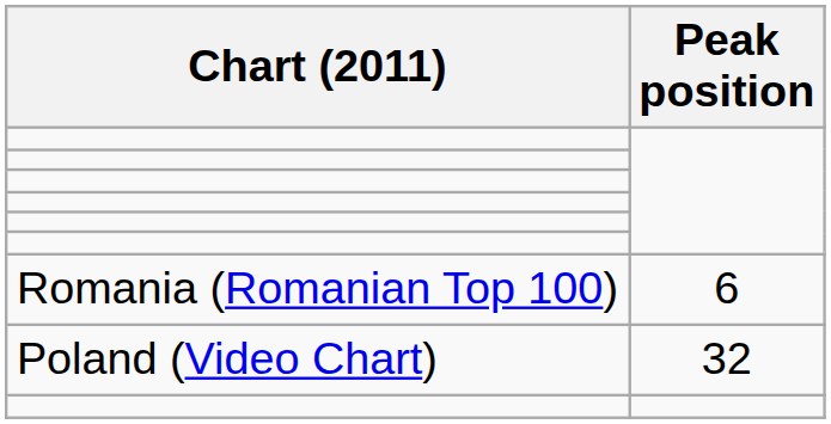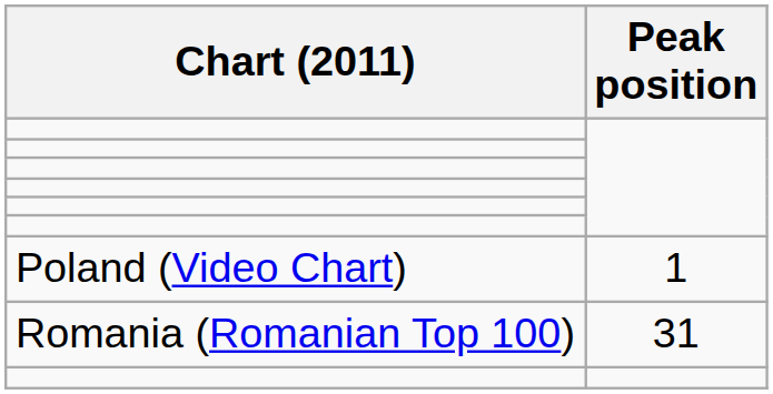 <table class="wikitable sortable">
 <tr>
 <th>Chart (2011)</th>
 <th>Peak<br>position</th>
 </tr>
 <tr>
 <td></td>
 </tr>
 <tr>
 <td></td>
 </tr>
 <tr>
 <td></td>
 </tr>
 <tr>
 <td></td>
 </tr>
 <tr>
 <td></td>
 </tr>
 <tr>
 <td></td>
 </tr>
 <tr>
-<td>Romania (<a href='#'>Romanian Top 100</a>)</td>
-<td align=center>6</td>
+<td>Poland (<a href='#'>Video Chart</a>)</td>
+<td align=center>1</td>
 </tr>
 <tr>
-<td>Poland (<a href='#'>Video Chart</a>)</td>
-<td style="text-align:center;">32</td>
+<td>Romania (<a href='#'>Romanian Top 100</a>)</td>
+<td style="text-align:center;">31</td>
 </tr>
 <tr>
 <td></td>
 </tr>
 </table>
